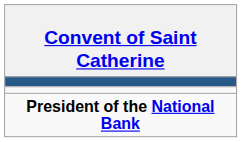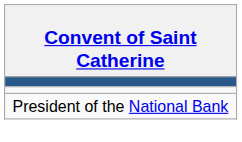 <table class="wikitable" style="font-size:90%; text-align:center;">
 <tr>
 <td style="background:#f1f1f1;" colspan="30"><br><big><strong><a href='#'>Convent of Saint Catherine</a></strong></big></td>
 </tr>
 <tr>
 <th style="width:3em; font-size:135%; background:#295989 ; width:200px;"><a href='#'></a></th>
 </tr>
 <tr>
 <td style="text-align:center"></td>
 </tr>
 <tr>
-<td><strong>President of the <a href='#'>National Bank</a><br></strong></td>
+<td>President of the <a href='#'>National Bank</a><br></td>
 </tr>
 </table>
